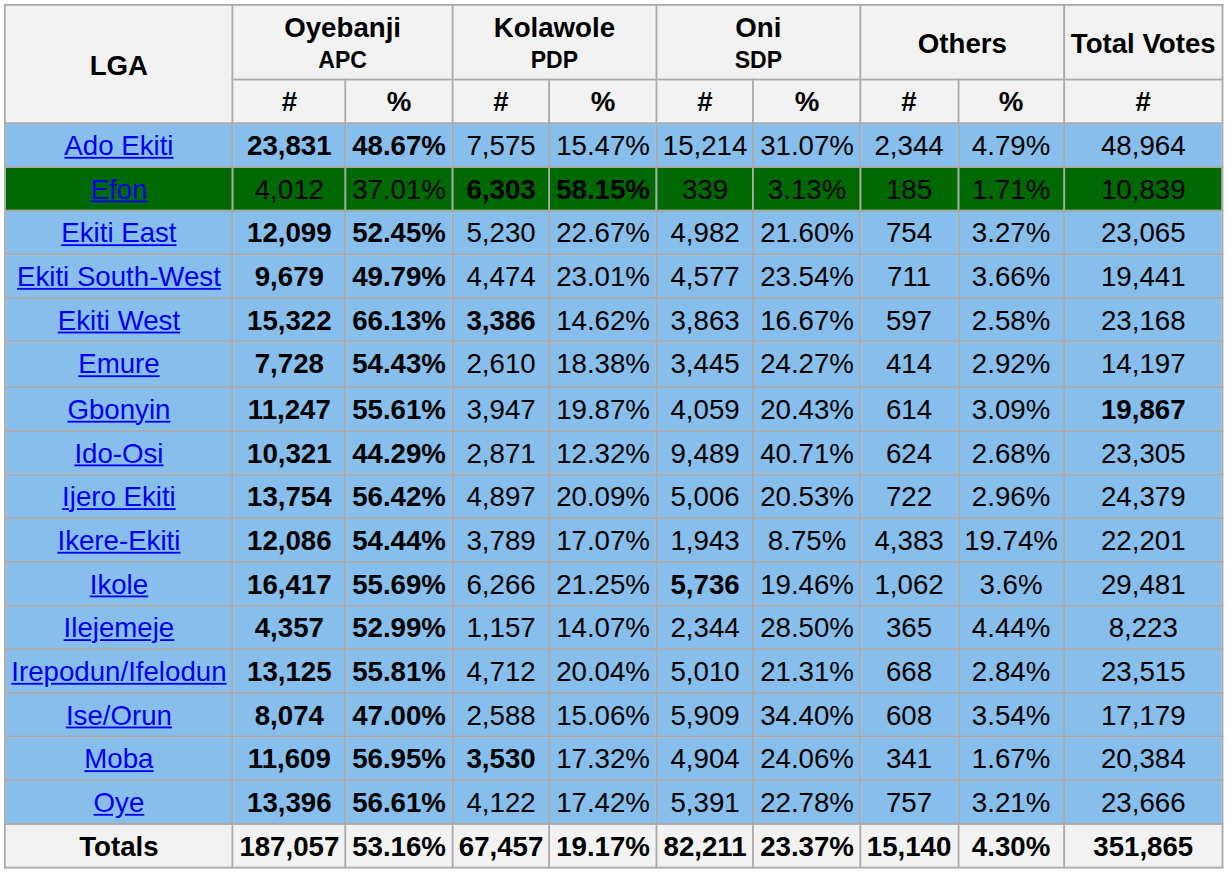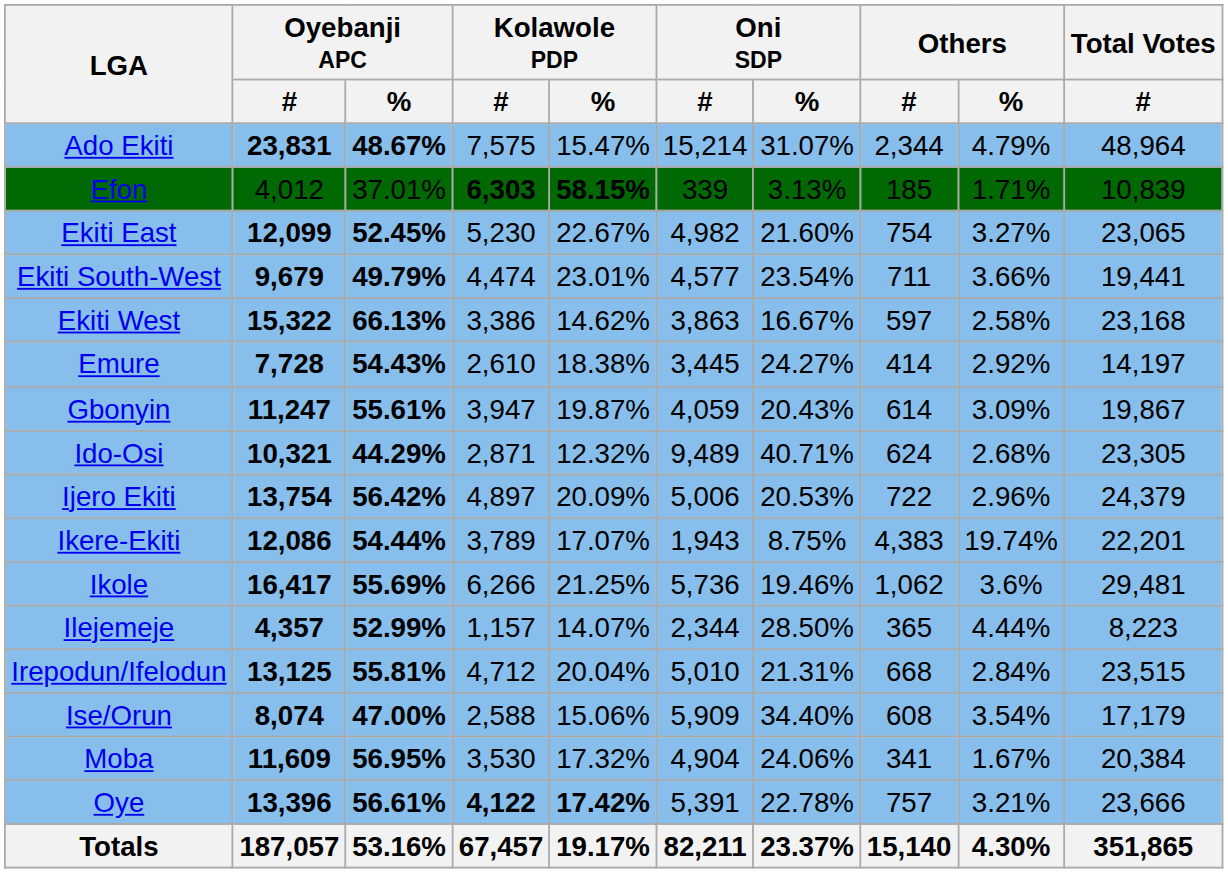 <table class="wikitable sortable" style=" font-size: 95%">
 <tr>
 <th rowspan="2">LGA</th>
 <th colspan="2">Oyebanji<br><small>APC</small></th>
 <th colspan="2">Kolawole<br><small>PDP</small></th>
 <th colspan="2">Oni<br><small>SDP</small></th>
 <th colspan="2">Others</th>
 <th>Total Votes</th>
 </tr>
 <tr>
 <th>#</th>
 <th>%</th>
 <th>#</th>
 <th>%</th>
 <th>#</th>
 <th>%</th>
 <th>#</th>
 <th>%</th>
 <th>#</th>
 </tr>
 <tr>
 <td bgcolor=#87BEEB align="center"><a href='#'>Ado Ekiti</a></td>
 <td bgcolor=#87BEEB align="center"><strong>23,831</strong></td>
 <td bgcolor=#87BEEB align="center"><strong>48.67%</strong></td>
 <td bgcolor=#87BEEB align="center">7,575</td>
 <td bgcolor=#87BEEB align="center">15.47%</td>
 <td bgcolor=#87BEEB align="center">15,214</td>
 <td bgcolor=#87BEEB align="center">31.07%</td>
 <td bgcolor=#87BEEB align="center">2,344</td>
 <td bgcolor=#87BEEB align="center">4.79%</td>
 <td bgcolor=#87BEEB align="center">48,964</td>
 </tr>
 <tr>
 <td bgcolor=#006903 align="center"><a href='#'>Efon</a></td>
 <td bgcolor=#006903 align="center">4,012</td>
 <td bgcolor=#006903 align="center">37.01%</td>
 <td bgcolor=#006903 align="center"><strong>6,303</strong></td>
 <td bgcolor=#006903 align="center"><strong>58.15%</strong></td>
 <td bgcolor=#006903 align="center">339</td>
 <td bgcolor=#006903 align="center">3.13%</td>
 <td bgcolor=#006903 align="center">185</td>
 <td bgcolor=#006903 align="center">1.71%</td>
 <td bgcolor=#006903 align="center">10,839</td>
 </tr>
 <tr>
 <td bgcolor=#87BEEB align="center"><a href='#'>Ekiti East</a></td>
 <td bgcolor=#87BEEB align="center"><strong>12,099</strong></td>
 <td bgcolor=#87BEEB align="center"><strong>52.45%</strong></td>
 <td bgcolor=#87BEEB align="center">5,230</td>
 <td bgcolor=#87BEEB align="center">22.67%</td>
 <td bgcolor=#87BEEB align="center">4,982</td>
 <td bgcolor=#87BEEB align="center">21.60%</td>
 <td bgcolor=#87BEEB align="center">754</td>
 <td bgcolor=#87BEEB align="center">3.27%</td>
 <td bgcolor=#87BEEB align="center">23,065</td>
 </tr>
 <tr>
 <td bgcolor=#87BEEB align="center"><a href='#'>Ekiti South-West</a></td>
 <td bgcolor=#87BEEB align="center"><strong>9,679</strong></td>
 <td bgcolor=#87BEEB align="center"><strong>49.79%</strong></td>
 <td bgcolor=#87BEEB align="center">4,474</td>
 <td bgcolor=#87BEEB align="center">23.01%</td>
 <td bgcolor=#87BEEB align="center">4,577</td>
 <td bgcolor=#87BEEB align="center">23.54%</td>
 <td bgcolor=#87BEEB align="center">711</td>
 <td bgcolor=#87BEEB align="center">3.66%</td>
 <td bgcolor=#87BEEB align="center">19,441</td>
 </tr>
 <tr>
 <td bgcolor=#87BEEB align="center"><a href='#'>Ekiti West</a></td>
 <td bgcolor=#87BEEB align="center"><strong>15,322</strong></td>
 <td bgcolor=#87BEEB align="center"><strong>66.13%</strong></td>
-<td bgcolor=#87BEEB align="center"><strong>3,386</strong></td>
+<td bgcolor=#87BEEB align="center">3,386</td>
 <td bgcolor=#87BEEB align="center">14.62%</td>
 <td bgcolor=#87BEEB align="center">3,863</td>
 <td bgcolor=#87BEEB align="center">16.67%</td>
 <td bgcolor=#87BEEB align="center">597</td>
 <td bgcolor=#87BEEB align="center">2.58%</td>
 <td bgcolor=#87BEEB align="center">23,168</td>
 </tr>
 <tr>
 <td bgcolor=#87BEEB align="center"><a href='#'>Emure</a></td>
 <td bgcolor=#87BEEB align="center"><strong>7,728</strong></td>
 <td bgcolor=#87BEEB align="center"><strong>54.43%</strong></td>
 <td bgcolor=#87BEEB align="center">2,610</td>
 <td bgcolor=#87BEEB align="center">18.38%</td>
 <td bgcolor=#87BEEB align="center">3,445</td>
 <td bgcolor=#87BEEB align="center">24.27%</td>
 <td bgcolor=#87BEEB align="center">414</td>
 <td bgcolor=#87BEEB align="center">2.92%</td>
 <td bgcolor=#87BEEB align="center">14,197</td>
 </tr>
 <tr>
 <td bgcolor=#87BEEB align="center"><a href='#'>Gbonyin</a></td>
 <td bgcolor=#87BEEB align="center"><strong>11,247</strong></td>
 <td bgcolor=#87BEEB align="center"><strong>55.61%</strong></td>
 <td bgcolor=#87BEEB align="center">3,947</td>
 <td bgcolor=#87BEEB align="center">19.87%</td>
 <td bgcolor=#87BEEB align="center">4,059</td>
 <td bgcolor=#87BEEB align="center">20.43%</td>
 <td bgcolor=#87BEEB align="center">614</td>
 <td bgcolor=#87BEEB align="center">3.09%</td>
-<td bgcolor=#87BEEB align="center"><strong>19,867</strong></td>
+<td bgcolor=#87BEEB align="center">19,867</td>
 </tr>
 <tr>
 <td bgcolor=#87BEEB align="center"><a href='#'>Ido-Osi</a></td>
 <td bgcolor=#87BEEB align="center"><strong>10,321</strong></td>
 <td bgcolor=#87BEEB align="center"><strong>44.29%</strong></td>
 <td bgcolor=#87BEEB align="center">2,871</td>
 <td bgcolor=#87BEEB align="center">12.32%</td>
 <td bgcolor=#87BEEB align="center">9,489</td>
 <td bgcolor=#87BEEB align="center">40.71%</td>
 <td bgcolor=#87BEEB align="center">624</td>
 <td bgcolor=#87BEEB align="center">2.68%</td>
 <td bgcolor=#87BEEB align="center">23,305</td>
 </tr>
 <tr>
 <td bgcolor=#87BEEB align="center"><a href='#'>Ijero Ekiti</a></td>
 <td bgcolor=#87BEEB align="center"><strong>13,754</strong></td>
 <td bgcolor=#87BEEB align="center"><strong>56.42%</strong></td>
 <td bgcolor=#87BEEB align="center">4,897</td>
 <td bgcolor=#87BEEB align="center">20.09%</td>
 <td bgcolor=#87BEEB align="center">5,006</td>
 <td bgcolor=#87BEEB align="center">20.53%</td>
 <td bgcolor=#87BEEB align="center">722</td>
 <td bgcolor=#87BEEB align="center">2.96%</td>
 <td bgcolor=#87BEEB align="center">24,379</td>
 </tr>
 <tr>
 <td bgcolor=#87BEEB align="center"><a href='#'>Ikere-Ekiti</a></td>
 <td bgcolor=#87BEEB align="center"><strong>12,086</strong></td>
 <td bgcolor=#87BEEB align="center"><strong>54.44%</strong></td>
 <td bgcolor=#87BEEB align="center">3,789</td>
 <td bgcolor=#87BEEB align="center">17.07%</td>
 <td bgcolor=#87BEEB align="center">1,943</td>
 <td bgcolor=#87BEEB align="center">8.75%</td>
 <td bgcolor=#87BEEB align="center">4,383</td>
 <td bgcolor=#87BEEB align="center">19.74%</td>
 <td bgcolor=#87BEEB align="center">22,201</td>
 </tr>
 <tr>
 <td bgcolor=#87BEEB align="center"><a href='#'>Ikole</a></td>
 <td bgcolor=#87BEEB align="center"><strong>16,417</strong></td>
 <td bgcolor=#87BEEB align="center"><strong>55.69%</strong></td>
 <td bgcolor=#87BEEB align="center">6,266</td>
 <td bgcolor=#87BEEB align="center">21.25%</td>
-<td bgcolor=#87BEEB align="center"><strong>5,736</strong></td>
+<td bgcolor=#87BEEB align="center">5,736</td>
 <td bgcolor=#87BEEB align="center">19.46%</td>
 <td bgcolor=#87BEEB align="center">1,062</td>
 <td bgcolor=#87BEEB align="center">3.6%</td>
 <td bgcolor=#87BEEB align="center">29,481</td>
 </tr>
 <tr>
 <td bgcolor=#87BEEB align="center"><a href='#'>Ilejemeje</a></td>
 <td bgcolor=#87BEEB align="center"><strong>4,357</strong></td>
 <td bgcolor=#87BEEB align="center"><strong>52.99%</strong></td>
 <td bgcolor=#87BEEB align="center">1,157</td>
 <td bgcolor=#87BEEB align="center">14.07%</td>
 <td bgcolor=#87BEEB align="center">2,344</td>
 <td bgcolor=#87BEEB align="center">28.50%</td>
 <td bgcolor=#87BEEB align="center">365</td>
 <td bgcolor=#87BEEB align="center">4.44%</td>
 <td bgcolor=#87BEEB align="center">8,223</td>
 </tr>
 <tr>
 <td bgcolor=#87BEEB align="center"><a href='#'>Irepodun/Ifelodun</a></td>
 <td bgcolor=#87BEEB align="center"><strong>13,125</strong></td>
 <td bgcolor=#87BEEB align="center"><strong>55.81%</strong></td>
 <td bgcolor=#87BEEB align="center">4,712</td>
 <td bgcolor=#87BEEB align="center">20.04%</td>
 <td bgcolor=#87BEEB align="center">5,010</td>
 <td bgcolor=#87BEEB align="center">21.31%</td>
 <td bgcolor=#87BEEB align="center">668</td>
 <td bgcolor=#87BEEB align="center">2.84%</td>
 <td bgcolor=#87BEEB align="center">23,515</td>
 </tr>
 <tr>
 <td bgcolor=#87BEEB align="center"><a href='#'>Ise/Orun</a></td>
 <td bgcolor=#87BEEB align="center"><strong>8,074</strong></td>
 <td bgcolor=#87BEEB align="center"><strong>47.00%</strong></td>
 <td bgcolor=#87BEEB align="center">2,588</td>
 <td bgcolor=#87BEEB align="center">15.06%</td>
 <td bgcolor=#87BEEB align="center">5,909</td>
 <td bgcolor=#87BEEB align="center">34.40%</td>
 <td bgcolor=#87BEEB align="center">608</td>
 <td bgcolor=#87BEEB align="center">3.54%</td>
 <td bgcolor=#87BEEB align="center">17,179</td>
 </tr>
 <tr>
 <td bgcolor=#87BEEB align="center"><a href='#'>Moba</a></td>
 <td bgcolor=#87BEEB align="center"><strong>11,609</strong></td>
 <td bgcolor=#87BEEB align="center"><strong>56.95%</strong></td>
-<td bgcolor=#87BEEB align="center"><strong>3,530</strong></td>
+<td bgcolor=#87BEEB align="center">3,530</td>
 <td bgcolor=#87BEEB align="center">17.32%</td>
 <td bgcolor=#87BEEB align="center">4,904</td>
 <td bgcolor=#87BEEB align="center">24.06%</td>
 <td bgcolor=#87BEEB align="center">341</td>
 <td bgcolor=#87BEEB align="center">1.67%</td>
 <td bgcolor=#87BEEB align="center">20,384</td>
 </tr>
 <tr>
 <td bgcolor=#87BEEB align="center"><a href='#'>Oye</a></td>
 <td bgcolor=#87BEEB align="center"><strong>13,396</strong></td>
 <td bgcolor=#87BEEB align="center"><strong>56.61%</strong></td>
-<td bgcolor=#87BEEB align="center">4,122</td>
-<td bgcolor=#87BEEB align="center">17.42%</td>
+<td bgcolor=#87BEEB align="center"><strong>4,122</strong></td>
+<td bgcolor=#87BEEB align="center"><strong>17.42%</strong></td>
 <td bgcolor=#87BEEB align="center">5,391</td>
 <td bgcolor=#87BEEB align="center">22.78%</td>
 <td bgcolor=#87BEEB align="center">757</td>
 <td bgcolor=#87BEEB align="center">3.21%</td>
 <td bgcolor=#87BEEB align="center">23,666</td>
 </tr>
 <tr>
 <th>Totals</th>
 <th><strong>187,057</strong></th>
 <th><strong>53.16%</strong></th>
 <th><strong>67,457</strong></th>
 <th><strong>19.17%</strong></th>
 <th><strong>82,211</strong></th>
 <th><strong>23.37%</strong></th>
 <th><strong>15,140</strong></th>
 <th><strong>4.30%</strong></th>
 <th>351,865</th>
 </tr>
 </table>
